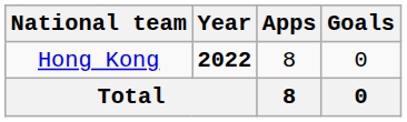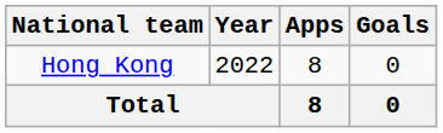 <table class="wikitable" style="text-align:center">
 <tr>
 <th>National team</th>
 <th>Year</th>
 <th>Apps</th>
 <th>Goals</th>
 </tr>
 <tr>
 <td><a href='#'>Hong Kong</a></td>
-<td><strong>2022</strong></td>
+<td>2022</td>
 <td>8</td>
 <td>0</td>
 </tr>
 <tr>
 <th colspan="2">Total</th>
 <th>8</th>
 <th>0</th>
 </tr>
 </table>
